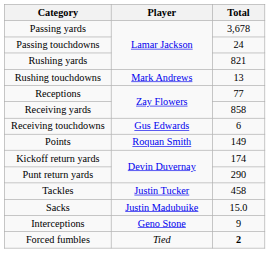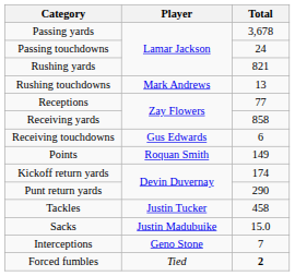 <table class="wikitable" style="text-align:center">
 <tr>
 <th width="160">Category</th>
 <th width="150">Player</th>
 <th width="75">Total</th>
 </tr>
 <tr>
 <td>Passing yards</td>
 <td rowspan="3"><a href='#'>Lamar Jackson</a></td>
 <td>3,678</td>
 </tr>
 <tr>
 <td>Passing touchdowns</td>
 <td>24</td>
 </tr>
 <tr>
 <td>Rushing yards</td>
 <td>821</td>
 </tr>
 <tr>
 <td>Rushing touchdowns</td>
 <td><a href='#'>Mark Andrews</a></td>
 <td>13</td>
 </tr>
 <tr>
 <td>Receptions</td>
 <td rowspan="2"><a href='#'>Zay Flowers</a></td>
 <td>77</td>
 </tr>
 <tr>
 <td>Receiving yards</td>
 <td>858</td>
 </tr>
 <tr>
 <td>Receiving touchdowns</td>
 <td><a href='#'>Gus Edwards</a></td>
 <td>6</td>
 </tr>
 <tr>
 <td>Points</td>
 <td><a href='#'>Roquan Smith</a></td>
 <td>149</td>
 </tr>
 <tr>
 <td>Kickoff return yards</td>
 <td rowspan="2"><a href='#'>Devin Duvernay</a></td>
 <td>174</td>
 </tr>
 <tr>
 <td>Punt return yards</td>
 <td>290</td>
 </tr>
 <tr>
 <td>Tackles</td>
 <td><a href='#'>Justin Tucker</a></td>
 <td>458</td>
 </tr>
 <tr>
 <td>Sacks</td>
 <td><a href='#'>Justin Madubuike</a></td>
 <td>15.0</td>
 </tr>
 <tr>
 <td>Interceptions</td>
 <td><a href='#'>Geno Stone</a></td>
-<td>9</td>
+<td>7</td>
 </tr>
 <tr>
 <td>Forced fumbles</td>
 <td><em>Tied</em> </td>
 <td><strong>2</strong></td>
 </tr>
 </table>
